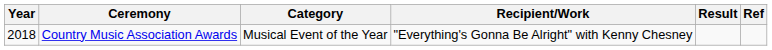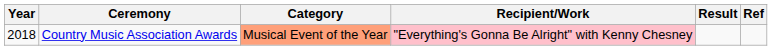 <table class="wikitable">
 <tr>
 <th>Year</th>
 <th>Ceremony</th>
 <th>Category</th>
 <th>Recipient/Work</th>
 <th>Result</th>
 <th>Ref</th>
 </tr>
 <tr>
 <td rowspan="2">2018</td>
 <td rowspan="2"><a href='#'>Country Music Association Awards</a></td>
-<td>Musical Event of the Year</td>
-<td "Everything's Gonna Be Alright" with Kenny Chesney>"Everything's Gonna Be Alright" with Kenny Chesney</td>
+<td style="background: lightsalmon;">Musical Event of the Year</td>
+<td "Everything's Gonna Be Alright" with Kenny Chesney style="background: pink;">"Everything's Gonna Be Alright" with Kenny Chesney</td>
 <td></td>
 <td rowspan="2"></td>
 </tr>
 </table>
